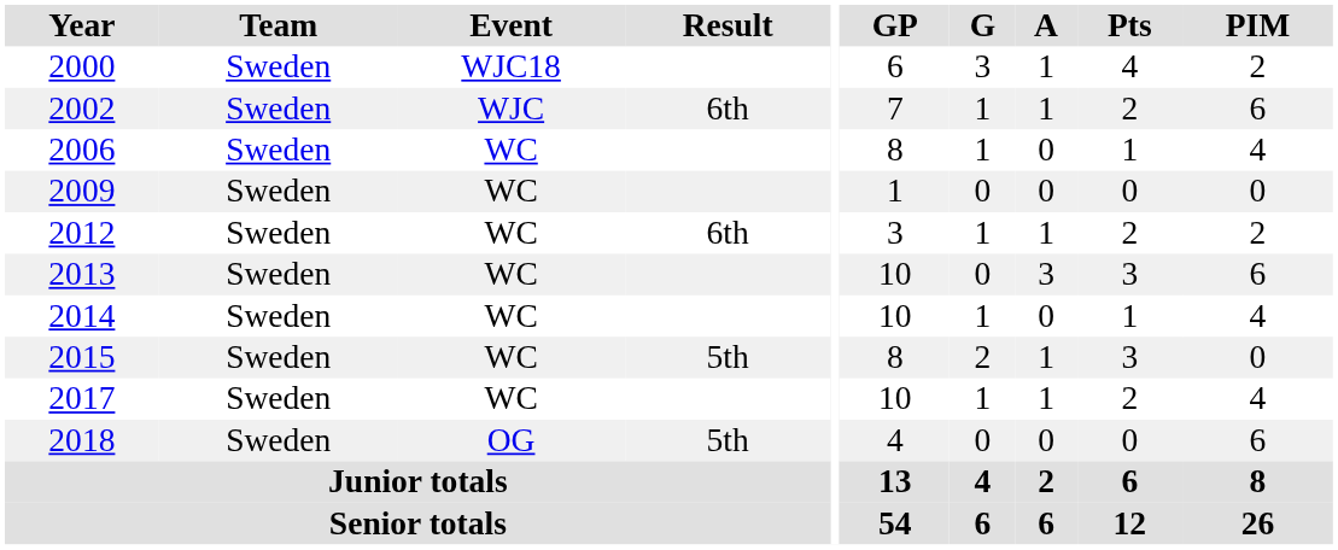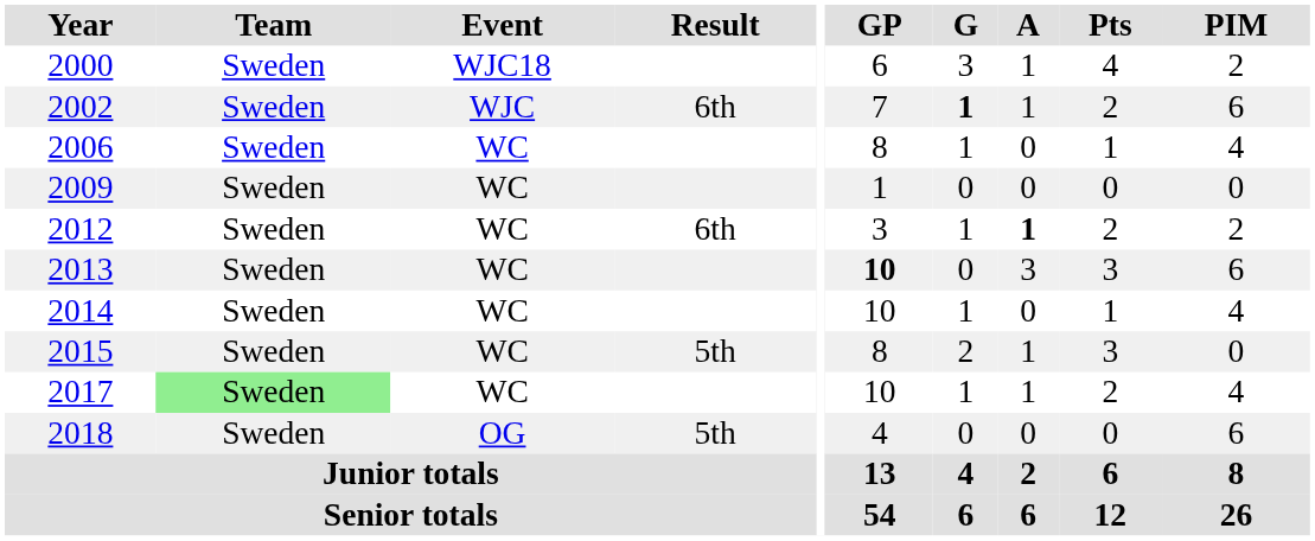 <table border="0" cellpadding="1" cellspacing="0" ID="Table3" style="text-align:center; width:40em;">
 <tr bgcolor="#e0e0e0">
 <th>Year</th>
 <th>Team</th>
 <th>Event</th>
 <th>Result</th>
 <th rowspan="99" bgcolor="#ffffff"></th>
 <th>GP</th>
 <th>G</th>
 <th>A</th>
 <th>Pts</th>
 <th>PIM</th>
 </tr>
 <tr>
 <td><a href='#'>2000</a></td>
 <td><a href='#'>Sweden</a></td>
 <td><a href='#'>WJC18</a></td>
 <td></td>
 <td>6</td>
 <td>3</td>
 <td>1</td>
 <td>4</td>
 <td>2</td>
 </tr>
 <tr bgcolor="#f0f0f0">
 <td><a href='#'>2002</a></td>
 <td><a href='#'>Sweden</a></td>
 <td><a href='#'>WJC</a></td>
 <td>6th</td>
 <td>7</td>
-<td>1</td>
+<td><strong>1</strong></td>
 <td>1</td>
 <td>2</td>
 <td>6</td>
 </tr>
 <tr>
 <td><a href='#'>2006</a></td>
 <td><a href='#'>Sweden</a></td>
 <td><a href='#'>WC</a></td>
 <td></td>
 <td>8</td>
 <td>1</td>
 <td>0</td>
 <td>1</td>
 <td>4</td>
 </tr>
 <tr bgcolor="#f0f0f0">
 <td><a href='#'>2009</a></td>
 <td>Sweden</td>
 <td>WC</td>
 <td></td>
 <td>1</td>
 <td>0</td>
 <td>0</td>
 <td>0</td>
 <td>0</td>
 </tr>
 <tr>
 <td><a href='#'>2012</a></td>
 <td>Sweden</td>
 <td>WC</td>
 <td>6th</td>
 <td>3</td>
 <td>1</td>
-<td>1</td>
+<td><strong>1</strong></td>
 <td>2</td>
 <td>2</td>
 </tr>
 <tr bgcolor="#f0f0f0">
 <td><a href='#'>2013</a></td>
 <td>Sweden</td>
 <td>WC</td>
 <td></td>
-<td>10</td>
+<td><strong>10</strong></td>
 <td>0</td>
 <td>3</td>
 <td>3</td>
 <td>6</td>
 </tr>
 <tr>
 <td><a href='#'>2014</a></td>
 <td>Sweden</td>
 <td>WC</td>
 <td></td>
 <td>10</td>
 <td>1</td>
 <td>0</td>
 <td>1</td>
 <td>4</td>
 </tr>
 <tr bgcolor="#f0f0f0">
 <td><a href='#'>2015</a></td>
 <td>Sweden</td>
 <td>WC</td>
 <td>5th</td>
 <td>8</td>
 <td>2</td>
 <td>1</td>
 <td>3</td>
 <td>0</td>
 </tr>
 <tr>
 <td><a href='#'>2017</a></td>
-<td>Sweden</td>
+<td style="background: lightgreen;">Sweden</td>
 <td>WC</td>
 <td></td>
 <td>10</td>
 <td>1</td>
 <td>1</td>
 <td>2</td>
 <td>4</td>
 </tr>
 <tr bgcolor="#f0f0f0">
 <td><a href='#'>2018</a></td>
 <td>Sweden</td>
 <td><a href='#'>OG</a></td>
 <td>5th</td>
 <td>4</td>
 <td>0</td>
 <td>0</td>
 <td>0</td>
 <td>6</td>
 </tr>
 <tr bgcolor="#e0e0e0">
 <th colspan="4">Junior totals</th>
 <th>13</th>
 <th>4</th>
 <th>2</th>
 <th>6</th>
 <th>8</th>
 </tr>
 <tr bgcolor="#e0e0e0">
 <th colspan="4">Senior totals</th>
 <th>54</th>
 <th>6</th>
 <th>6</th>
 <th>12</th>
 <th>26</th>
 </tr>
 </table>
